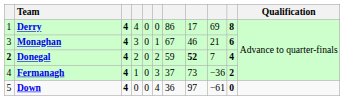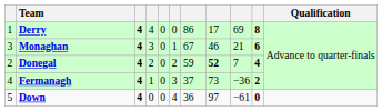 <table class="wikitable">
 <tr>
 <th width="10"></th>
 <th width="170" style="text-align:left;">Team</th>
 <th width="10"></th>
 <th width="10"></th>
 <th width="10"></th>
 <th width="10"></th>
 <th width="30"></th>
 <th width="30"></th>
 <th width="10"></th>
 <th width="10"></th>
 <th>Qualification</th>
 </tr>
 <tr style="background:#ccffcc">
 <td>1</td>
 <td align="left"><strong> <a href='#'>Derry</a></strong></td>
 <td><strong>4</strong></td>
 <td>4</td>
 <td>0</td>
 <td>0</td>
 <td>86</td>
 <td>17</td>
 <td>69</td>
 <td><strong>8</strong></td>
 <td rowspan="4">Advance to quarter-finals</td>
 </tr>
 <tr style="background:#ccffcc">
 <td>3</td>
 <td align="left"><strong> <a href='#'>Monaghan</a></strong></td>
 <td><strong>4</strong></td>
 <td>3</td>
 <td>0</td>
 <td>1</td>
 <td>67</td>
 <td>46</td>
 <td>21</td>
 <td><strong>6</strong></td>
 </tr>
 <tr style="background:#ccffcc">
-<td><strong>2</strong></td>
+<td>2</td>
 <td align="left"><strong> <a href='#'>Donegal</a></strong></td>
 <td><strong>4</strong></td>
 <td>2</td>
 <td>0</td>
 <td>2</td>
 <td>59</td>
 <td><strong>52</strong></td>
 <td>7</td>
 <td><strong>4</strong></td>
 </tr>
 <tr style="background:#ccffcc">
 <td>4</td>
 <td align="left"><strong> <a href='#'>Fermanagh</a></strong></td>
 <td><strong>4</strong></td>
 <td>1</td>
 <td>0</td>
 <td>3</td>
 <td>37</td>
 <td>73</td>
 <td>−36</td>
 <td><strong>2</strong></td>
 </tr>
 <tr>
 <td>5</td>
 <td align="left"><strong> <a href='#'>Down</a></strong></td>
 <td><strong>4</strong></td>
 <td>0</td>
 <td>0</td>
 <td>4</td>
 <td>36</td>
 <td>97</td>
 <td>−61</td>
 <td><strong>0</strong></td>
 </tr>
 </table>
